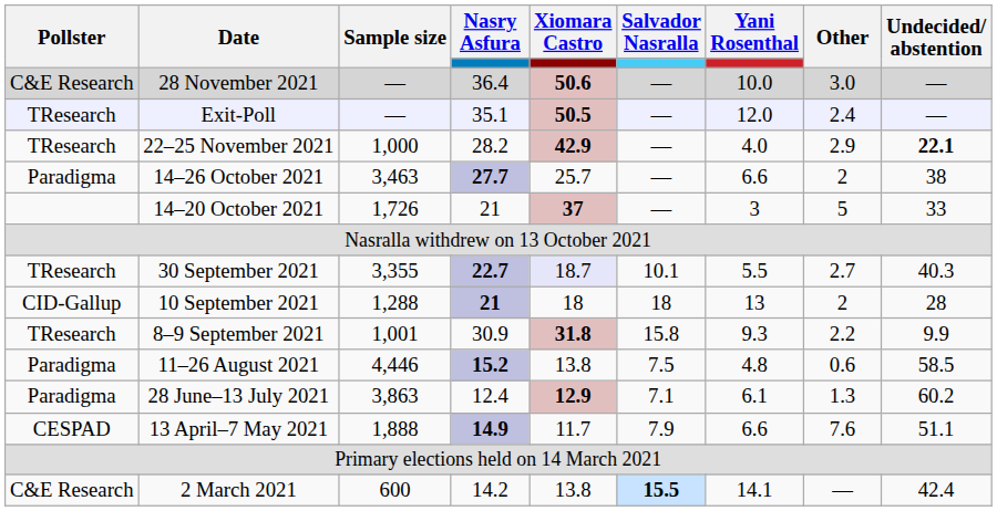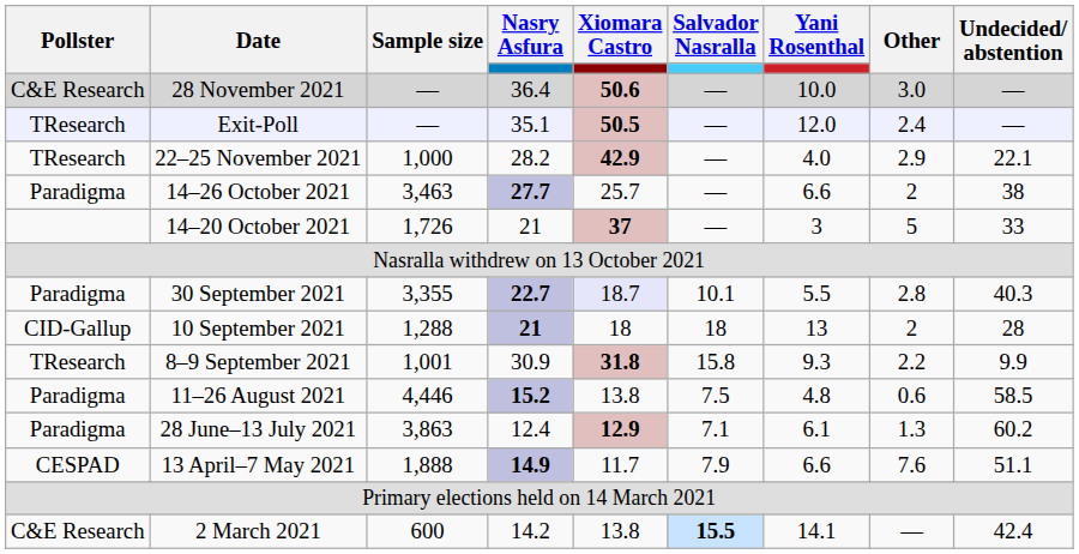 <table class="wikitable" style="text-align:center; font-size:95%; line-height:16px;">
 <tr>
 <th rowspan=2>Pollster</th>
 <th rowspan=2>Date</th>
 <th rowspan=2>Sample size</th>
 <th style="width:50px;"><a href='#'>Nasry Asfura</a><br></th>
 <th style="width:50px;"><a href='#'>Xiomara Castro</a><br></th>
 <th style="width:50px;"><a href='#'>Salvador Nasralla</a><br></th>
 <th style="width:50px;"><a href='#'>Yani Rosenthal</a><br></th>
 <th rowspan=2 style="width:50px;">Other</th>
 <th rowspan=2 style="width:50px;">Undecided/<br>abstention</th>
 </tr>
 <tr>
 <th style="background:#007DBC;"></th>
 <th style="background:#8B0000;"></th>
 <th style="background:#47CCF7;"></th>
 <th style="background:#CE2029;"></th>
 </tr>
 <tr style="background:#D5D5D5;">
 <td>C&E Research</td>
 <td>28 November 2021</td>
 <td>—</td>
 <td>36.4</td>
 <td style="background:#E2BFBF;"><strong>50.6</strong></td>
 <td>—</td>
 <td>10.0</td>
 <td>3.0</td>
 <td>—</td>
 </tr>
 <tr style="background:#EEEFFF" |>
 <td>TResearch</td>
 <td>Exit-Poll</td>
 <td>—</td>
 <td>35.1</td>
 <td style="background:#E2BFBF;"><strong>50.5</strong></td>
 <td>—</td>
 <td>12.0</td>
 <td>2.4</td>
 <td>—</td>
 </tr>
 <tr>
 <td>TResearch</td>
 <td>22–25 November 2021</td>
 <td>1,000</td>
 <td>28.2</td>
 <td style="background:#E2BFBF;"><strong>42.9</strong></td>
 <td>—</td>
 <td>4.0</td>
 <td>2.9</td>
-<td><strong>22.1</strong></td>
+<td>22.1</td>
 </tr>
 <tr>
 <td>Paradigma</td>
 <td>14–26 October 2021</td>
 <td>3,463</td>
 <td style="background:#BFBFDF"><strong>27.7</strong></td>
 <td>25.7</td>
 <td>—</td>
 <td>6.6</td>
 <td>2</td>
 <td>38</td>
 </tr>
 <tr>
 <td></td>
 <td>14–20 October 2021</td>
 <td>1,726</td>
 <td>21</td>
 <td style="background:#E2BFBF;"><strong>37</strong></td>
 <td>—</td>
 <td>3</td>
 <td>5</td>
 <td>33</td>
 </tr>
 <tr>
 <td colspan="25" align="center" style="background:#dedede; font-size:95%;">Nasralla withdrew on 13 October 2021</td>
 </tr>
 <tr>
-<td>TResearch</td>
+<td>Paradigma</td>
 <td>30 September 2021</td>
 <td>3,355</td>
 <td style="background:#BFBFDF"><strong>22.7</strong></td>
 <td style="background: lavender;">18.7</td>
 <td>10.1</td>
 <td>5.5</td>
-<td>2.7</td>
+<td>2.8</td>
 <td>40.3</td>
 </tr>
 <tr>
 <td>CID-Gallup</td>
 <td>10 September 2021</td>
 <td>1,288</td>
 <td style="background:#BFBFDF"><strong>21</strong></td>
 <td>18</td>
 <td>18</td>
 <td>13</td>
 <td>2</td>
 <td>28</td>
 </tr>
 <tr>
 <td>TResearch</td>
 <td>8–9 September 2021</td>
 <td>1,001</td>
 <td>30.9</td>
 <td style="background:#E2BFBF;"><strong>31.8</strong></td>
 <td>15.8</td>
 <td>9.3</td>
 <td>2.2</td>
 <td>9.9</td>
 </tr>
 <tr>
 <td>Paradigma</td>
 <td>11–26 August 2021</td>
 <td>4,446</td>
 <td style="background:#BFBFDF"><strong>15.2</strong></td>
 <td>13.8</td>
 <td>7.5</td>
 <td>4.8</td>
 <td>0.6</td>
 <td>58.5</td>
 </tr>
 <tr>
 <td>Paradigma</td>
 <td>28 June–13 July 2021</td>
 <td>3,863</td>
 <td>12.4</td>
 <td style="background:#E2BFBF;"><strong>12.9</strong></td>
 <td>7.1</td>
 <td>6.1</td>
 <td>1.3</td>
 <td>60.2</td>
 </tr>
 <tr>
 <td>CESPAD</td>
 <td>13 April–7 May 2021</td>
 <td>1,888</td>
 <td style="background:#BFBFDF"><strong>14.9</strong></td>
 <td>11.7</td>
 <td>7.9</td>
 <td>6.6</td>
 <td>7.6</td>
 <td>51.1</td>
 </tr>
 <tr>
 <td colspan="25" align="center" style="background:#dedede; font-size:95%;">Primary elections held on 14 March 2021</td>
 </tr>
 <tr>
 <td>C&E Research</td>
 <td>2 March 2021</td>
 <td>600</td>
 <td>14.2</td>
 <td>13.8</td>
 <td style="background:#C7E3FF"><strong>15.5</strong></td>
 <td>14.1</td>
 <td>—</td>
 <td>42.4</td>
 </tr>
 </table>
